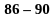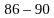 <table style="text-align:center">
 <tr>
 <th width=200></th>
 <th width=100></th>
 <th width=200></th>
 <th></th>
 </tr>
 <tr>
 <td align=right></td>
-<td><strong>86 – 90</strong></td>
+<td>86 – 90</td>
 <td align=left><strong></strong></td>
 </tr>
 </table>
